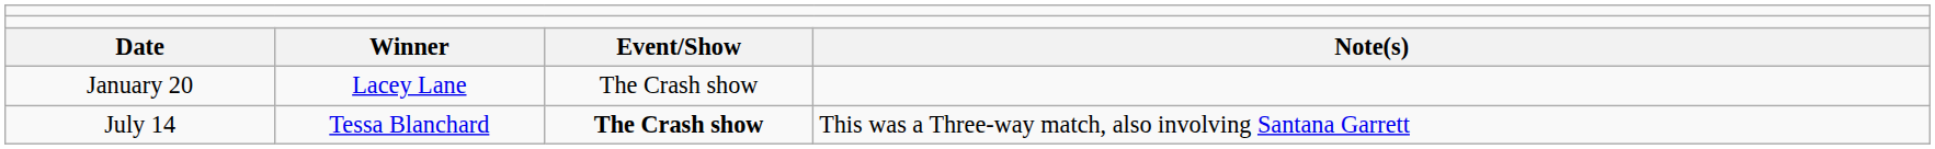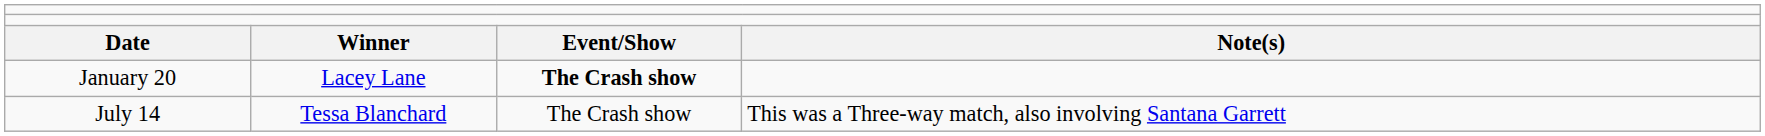 <table class="wikitable" style="text-align:center; width:100%;">
 <tr>
 <td colspan="5"></td>
 </tr>
 <tr>
 <td colspan="5"><strong></strong></td>
 </tr>
 <tr>
 <th width=14%>Date</th>
 <th width=14%>Winner</th>
 <th width=14%>Event/Show</th>
 <th width=58%>Note(s)</th>
 </tr>
 <tr>
 <td>January 20</td>
 <td><a href='#'>Lacey Lane</a></td>
-<td>The Crash show</td>
+<td><strong>The Crash show</strong></td>
 <td align=left></td>
 </tr>
 <tr>
 <td>July 14</td>
 <td><a href='#'>Tessa Blanchard</a></td>
-<td><strong>The Crash show</strong></td>
+<td>The Crash show</td>
 <td align=left>This was a Three-way match, also involving <a href='#'>Santana Garrett</a></td>
 </tr>
 </table>
